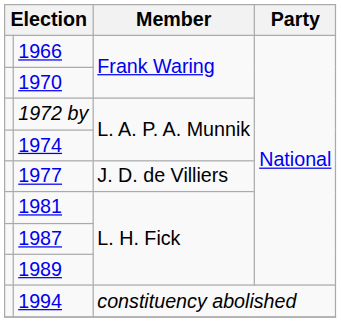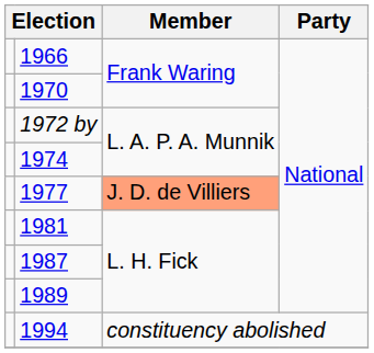 <table class="wikitable">
 <tr>
 <th colspan="2">Election</th>
 <th>Member</th>
 <th>Party</th>
 </tr>
 <tr>
 <td style="background-color: "></td>
 <td><a href='#'>1966</a></td>
 <td rowspan="2"><a href='#'>Frank Waring</a></td>
 <td rowspan="8"><a href='#'>National</a></td>
 </tr>
 <tr>
 <td style="background-color: "></td>
 <td><a href='#'>1970</a></td>
 </tr>
 <tr>
 <td style="background-color: "></td>
 <td><em>1972 by</em></td>
 <td rowspan="2">L. A. P. A. Munnik</td>
 </tr>
 <tr>
 <td style="background-color: "></td>
 <td><a href='#'>1974</a></td>
 </tr>
 <tr>
 <td style="background-color: "></td>
 <td><a href='#'>1977</a></td>
-<td>J. D. de Villiers</td>
+<td style="background: lightsalmon;">J. D. de Villiers</td>
 </tr>
 <tr>
 <td style="background-color: "></td>
 <td><a href='#'>1981</a></td>
 <td rowspan="3">L. H. Fick</td>
 </tr>
 <tr>
 <td style="background-color: "></td>
 <td><a href='#'>1987</a></td>
 </tr>
 <tr>
 <td style="background-color: "></td>
 <td><a href='#'>1989</a></td>
 </tr>
 <tr>
 <td style="background-color: "></td>
 <td><a href='#'>1994</a></td>
 <td colspan="2"><em>constituency abolished</em></td>
 </tr>
 <tr>
 </tr>
 </table>
